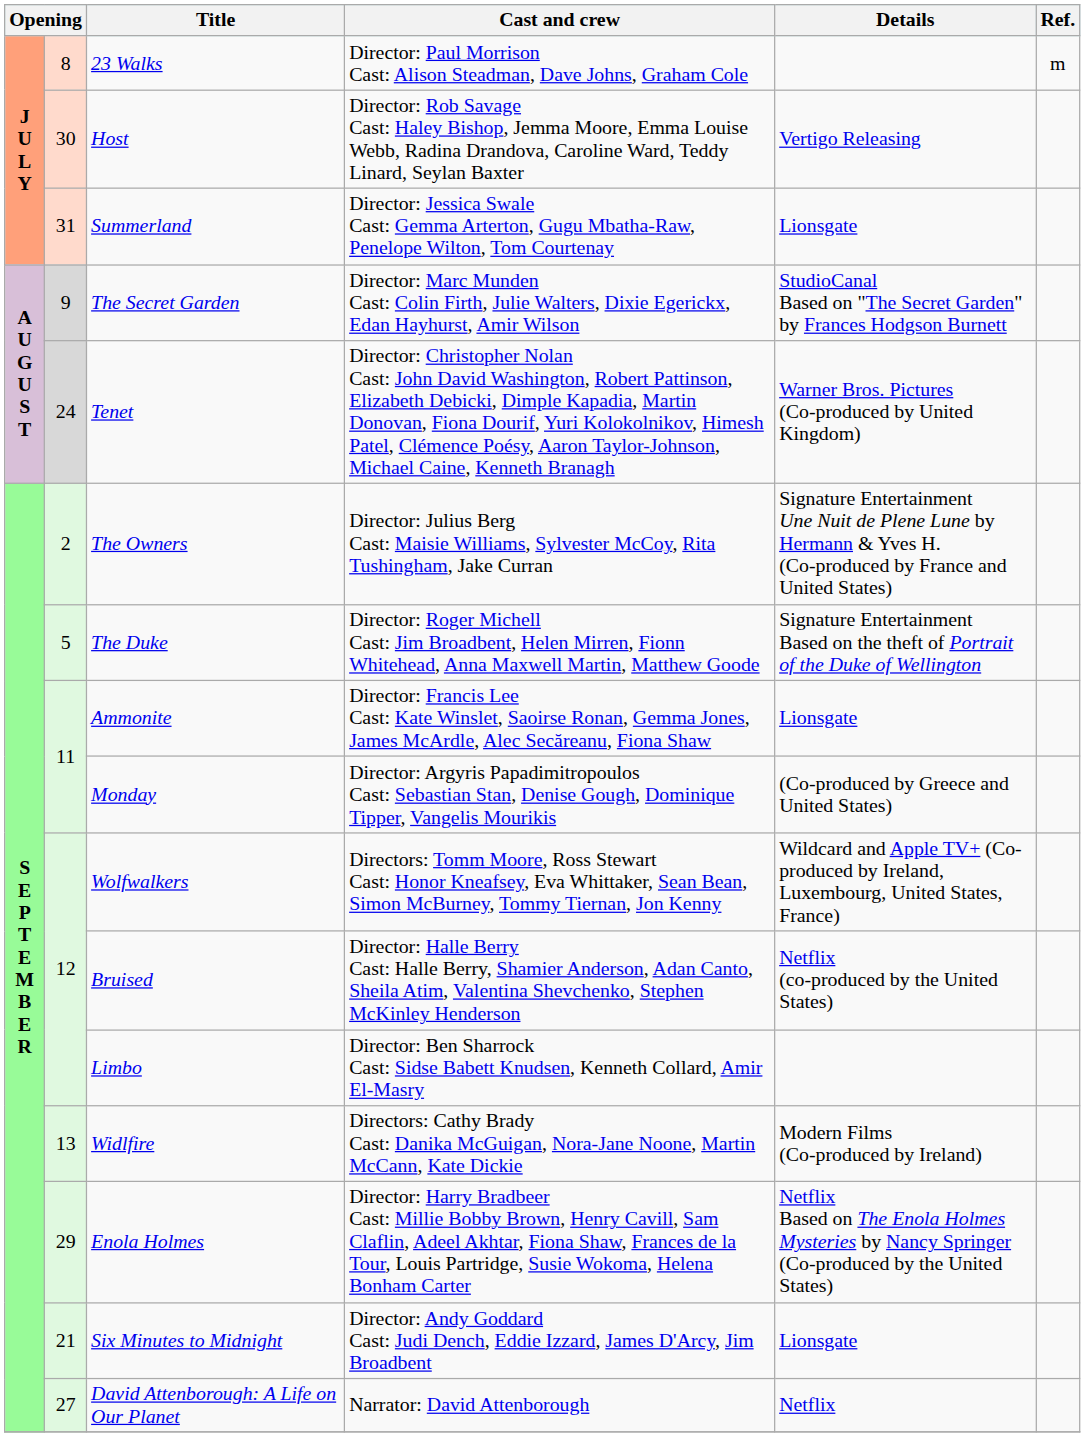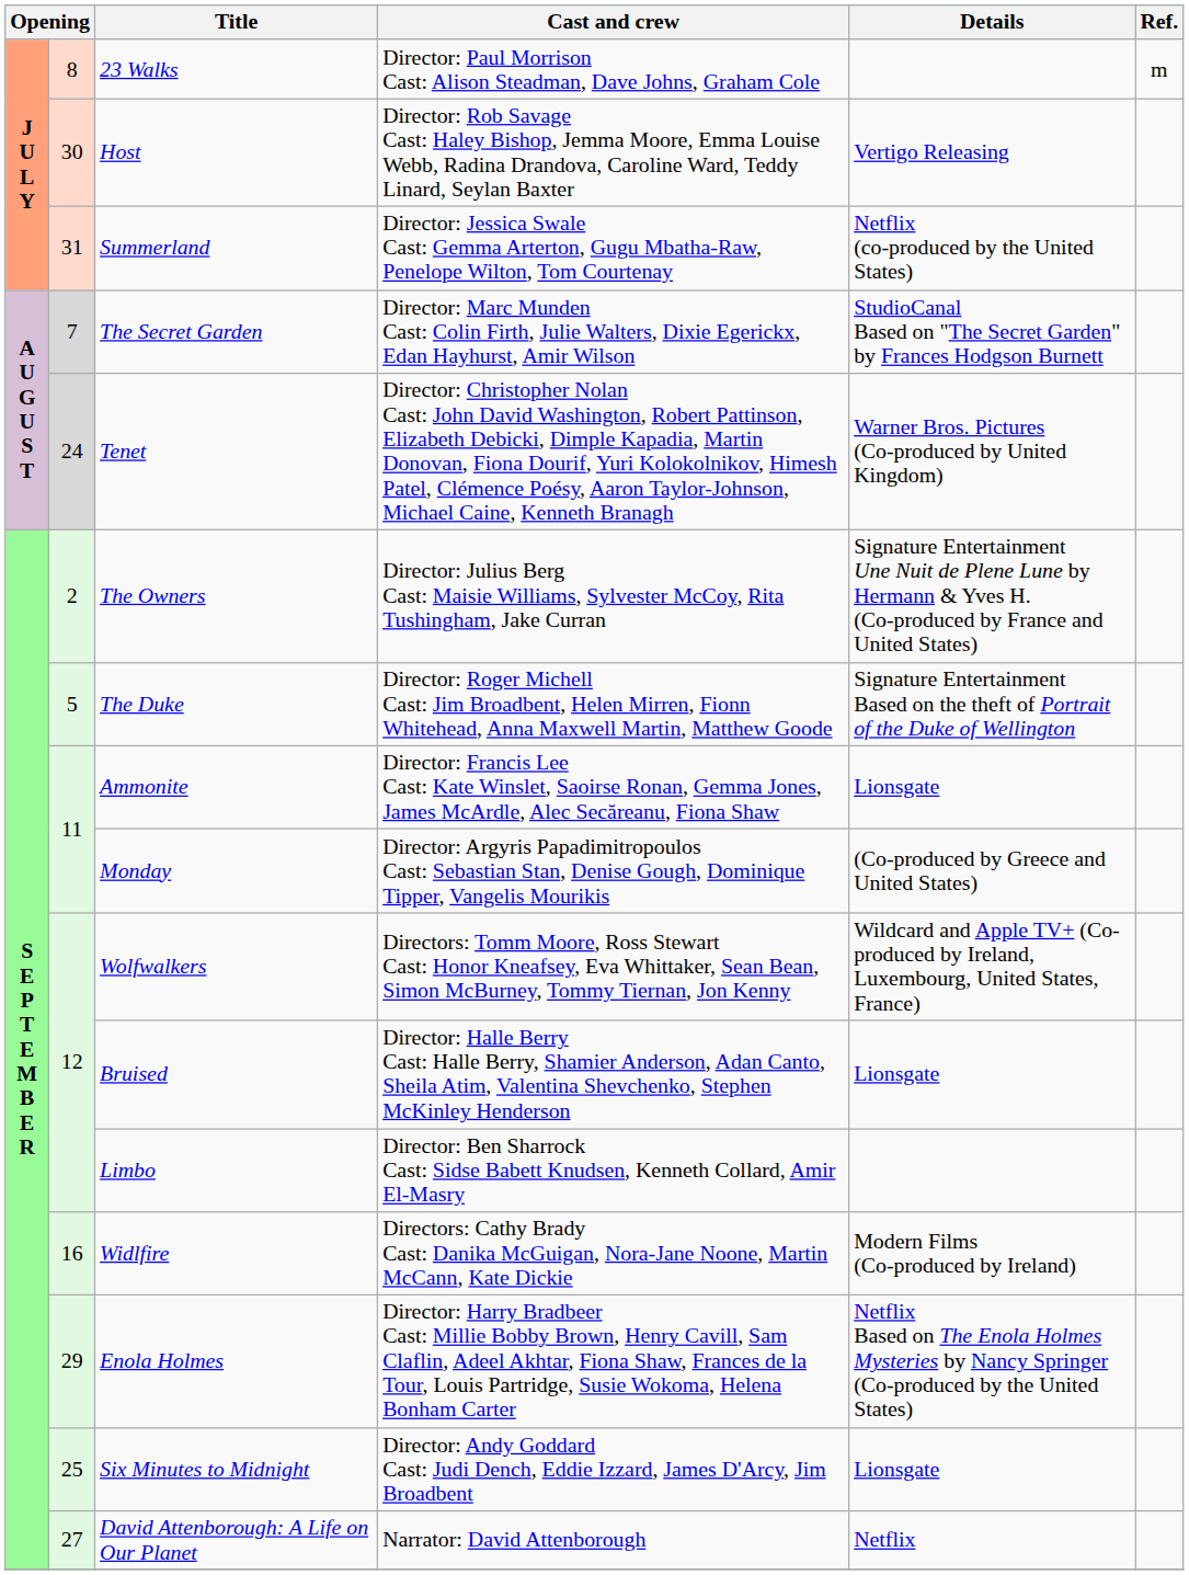 <table class="wikitable">
 <tr style="background:#b0e0e6; text-align:center;">
 <th colspan="2">Opening</th>
 <th style="width:24%;">Title</th>
 <th style="width:40%;">Cast and crew</th>
 <th>Details</th>
 <th style="width:2%;">Ref.</th>
 </tr>
 <tr>
 <th rowspan="3" style="text-align:center; background:#ffa07a; textcolor:#000;">J<br>U<br>L<br>Y</th>
 <td rowspan="1" style="text-align:center; background:#ffdacc;">8</td>
 <td><em><a href='#'>23 Walks</a></em></td>
 <td>Director: <a href='#'>Paul Morrison</a> <br> Cast: <a href='#'>Alison Steadman</a>, <a href='#'>Dave Johns</a>, <a href='#'>Graham Cole</a></td>
 <td></td>
 <td style="text-align:center"> m</td>
 </tr>
 <tr>
 <td rowspan="1" style="text-align:center; background:#ffdacc;">30</td>
 <td><em><a href='#'>Host</a></em></td>
 <td>Director: <a href='#'>Rob Savage</a> <br> Cast: <a href='#'>Haley Bishop</a>, Jemma Moore, Emma Louise Webb, Radina Drandova, Caroline Ward, Teddy Linard, Seylan Baxter</td>
 <td><a href='#'>Vertigo Releasing</a></td>
 <td style="text-align:center"></td>
 </tr>
 <tr>
 <td rowspan="1" style="text-align:center; background:#ffdacc;">31</td>
 <td><em><a href='#'>Summerland</a></em></td>
 <td>Director: <a href='#'>Jessica Swale</a> <br> Cast: <a href='#'>Gemma Arterton</a>, <a href='#'>Gugu Mbatha-Raw</a>, <a href='#'>Penelope Wilton</a>, <a href='#'>Tom Courtenay</a></td>
-<td><a href='#'>Lionsgate</a></td>
+<td><a href='#'>Netflix</a> <br> (co-produced by the United States)</td>
 <td style="text-align:center"></td>
 </tr>
 <tr>
 <th rowspan="2" style="text-align:center; background:thistle; textcolor:#000;">A<br>U<br>G<br>U<br>S<br>T</th>
-<td rowspan="1" style="text-align:center; background:#d8d8d8;">9</td>
+<td rowspan="1" style="text-align:center; background:#d8d8d8;">7</td>
 <td><em><a href='#'>The Secret Garden</a></em></td>
 <td>Director: <a href='#'>Marc Munden</a> <br> Cast: <a href='#'>Colin Firth</a>, <a href='#'>Julie Walters</a>, <a href='#'>Dixie Egerickx</a>, <a href='#'>Edan Hayhurst</a>, <a href='#'>Amir Wilson</a></td>
 <td><a href='#'>StudioCanal</a> <br> Based on "<a href='#'>The Secret Garden</a>" by <a href='#'>Frances Hodgson Burnett</a></td>
 <td style="text-align:center"></td>
 </tr>
 <tr>
 <td rowspan="1" style="text-align:center; background:#d8d8d8;">24</td>
 <td><em><a href='#'>Tenet</a></em></td>
 <td>Director: <a href='#'>Christopher Nolan</a> <br> Cast: <a href='#'>John David Washington</a>, <a href='#'>Robert Pattinson</a>, <a href='#'>Elizabeth Debicki</a>, <a href='#'>Dimple Kapadia</a>, <a href='#'>Martin Donovan</a>, <a href='#'>Fiona Dourif</a>, <a href='#'>Yuri Kolokolnikov</a>, <a href='#'>Himesh Patel</a>, <a href='#'>Clémence Poésy</a>, <a href='#'>Aaron Taylor-Johnson</a>, <a href='#'>Michael Caine</a>, <a href='#'>Kenneth Branagh</a></td>
 <td><a href='#'>Warner Bros. Pictures</a> <br> (Co-produced by United Kingdom)</td>
 <td style="text-align:center"></td>
 </tr>
 <tr>
 <th rowspan="11" style="text-align:center; background:#98fb98; textcolor:#000;">S<br>E<br>P<br>T<br>E<br>M<br>B<br>E<br>R</th>
 <td rowspan="1" style="text-align:center; background:#e0f9e0;">2</td>
 <td><em><a href='#'>The Owners</a></em></td>
 <td>Director: Julius Berg <br> Cast: <a href='#'>Maisie Williams</a>, <a href='#'>Sylvester McCoy</a>, <a href='#'>Rita Tushingham</a>, Jake Curran</td>
 <td>Signature Entertainment <br> <em>Une Nuit de Plene Lune</em> by <a href='#'>Hermann</a> & Yves H. <br>(Co-produced by France and United States)</td>
 <td style="text-align:center"></td>
 </tr>
 <tr>
 <td rowspan="1" style="text-align:center; background:#e0f9e0;">5</td>
 <td><em><a href='#'>The Duke</a></em></td>
 <td>Director: <a href='#'>Roger Michell</a> <br> Cast: <a href='#'>Jim Broadbent</a>, <a href='#'>Helen Mirren</a>, <a href='#'>Fionn Whitehead</a>, <a href='#'>Anna Maxwell Martin</a>, <a href='#'>Matthew Goode</a></td>
 <td>Signature Entertainment <br> Based on the theft of <em><a href='#'>Portrait of the Duke of Wellington</a></em></td>
 <td></td>
 </tr>
 <tr>
 <td rowspan="2" style="text-align:center; background:#e0f9e0;">11</td>
 <td><em><a href='#'>Ammonite</a></em></td>
 <td>Director: <a href='#'>Francis Lee</a> <br> Cast: <a href='#'>Kate Winslet</a>, <a href='#'>Saoirse Ronan</a>, <a href='#'>Gemma Jones</a>, <a href='#'>James McArdle</a>, <a href='#'>Alec Secăreanu</a>, <a href='#'>Fiona Shaw</a></td>
 <td><a href='#'>Lionsgate</a></td>
 <td style="text-align:center"></td>
 </tr>
 <tr>
 <td><em><a href='#'>Monday</a></em></td>
 <td>Director: Argyris Papadimitropoulos <br> Cast: <a href='#'>Sebastian Stan</a>, <a href='#'>Denise Gough</a>, <a href='#'>Dominique Tipper</a>, <a href='#'>Vangelis Mourikis</a></td>
 <td>(Co-produced by Greece and United States)</td>
 <td style="text-align:center"></td>
 </tr>
 <tr>
 <td rowspan="3" style="text-align:center; background:#e0f9e0;">12</td>
 <td><em><a href='#'>Wolfwalkers</a></em></td>
 <td>Directors: <a href='#'>Tomm Moore</a>, Ross Stewart <br> Cast: <a href='#'>Honor Kneafsey</a>, Eva Whittaker, <a href='#'>Sean Bean</a>, <a href='#'>Simon McBurney</a>, <a href='#'>Tommy Tiernan</a>, <a href='#'>Jon Kenny</a></td>
 <td>Wildcard and <a href='#'>Apple TV+</a> (Co-produced by Ireland, Luxembourg, United States, France)</td>
 <td style="text-align:center"></td>
 </tr>
 <tr>
 <td><em><a href='#'>Bruised</a></em></td>
 <td>Director: <a href='#'>Halle Berry</a> <br> Cast: Halle Berry, <a href='#'>Shamier Anderson</a>, <a href='#'>Adan Canto</a>, <a href='#'>Sheila Atim</a>, <a href='#'>Valentina Shevchenko</a>, <a href='#'>Stephen McKinley Henderson</a></td>
-<td><a href='#'>Netflix</a> <br> (co-produced by the United States)</td>
+<td><a href='#'>Lionsgate</a></td>
 <td></td>
 </tr>
 <tr>
 <td><em><a href='#'>Limbo</a></em></td>
 <td>Director: Ben Sharrock <br> Cast: <a href='#'>Sidse Babett Knudsen</a>, Kenneth Collard, <a href='#'>Amir El-Masry</a></td>
 <td></td>
 <td style="text-align:center"></td>
 </tr>
 <tr>
-<td rowspan="1" style="text-align:center; background:#e0f9e0;">13</td>
+<td rowspan="1" style="text-align:center; background:#e0f9e0;">16</td>
 <td><em><a href='#'>Widlfire</a></em></td>
 <td>Directors: Cathy Brady <br> Cast: <a href='#'>Danika McGuigan</a>, <a href='#'>Nora-Jane Noone</a>, <a href='#'>Martin McCann</a>, <a href='#'>Kate Dickie</a></td>
 <td>Modern Films <br> (Co-produced by Ireland)</td>
 <td style="text-align:center"></td>
 </tr>
 <tr>
 <td rowspan="1" style="text-align:center; background:#e0f9e0;">29</td>
 <td><em><a href='#'>Enola Holmes</a></em></td>
 <td>Director: <a href='#'>Harry Bradbeer</a> <br> Cast: <a href='#'>Millie Bobby Brown</a>, <a href='#'>Henry Cavill</a>, <a href='#'>Sam Claflin</a>, <a href='#'>Adeel Akhtar</a>, <a href='#'>Fiona Shaw</a>, <a href='#'>Frances de la Tour</a>, Louis Partridge, <a href='#'>Susie Wokoma</a>, <a href='#'>Helena Bonham Carter</a></td>
 <td><a href='#'>Netflix</a> <br> Based on <em><a href='#'>The Enola Holmes Mysteries</a></em> by <a href='#'>Nancy Springer</a> <br> (Co-produced by the United States)</td>
 <td style="text-align:center"></td>
 </tr>
 <tr>
-<td rowspan="1" style="text-align:center; background:#e0f9e0;">21</td>
+<td rowspan="1" style="text-align:center; background:#e0f9e0;">25</td>
 <td><em><a href='#'>Six Minutes to Midnight</a></em></td>
 <td>Director: <a href='#'>Andy Goddard</a> <br> Cast: <a href='#'>Judi Dench</a>, <a href='#'>Eddie Izzard</a>, <a href='#'>James D'Arcy</a>, <a href='#'>Jim Broadbent</a></td>
 <td><a href='#'>Lionsgate</a></td>
 <td style="text-align:center"></td>
 </tr>
 <tr>
 <td rowspan="1" style="text-align:center; background:#e0f9e0;">27</td>
 <td><em><a href='#'>David Attenborough: A Life on Our Planet</a></em></td>
 <td>Narrator: <a href='#'>David Attenborough</a></td>
 <td><a href='#'>Netflix</a></td>
 <td style="text-align:center"></td>
 </tr>
 <tr>
 </tr>
 </table>
